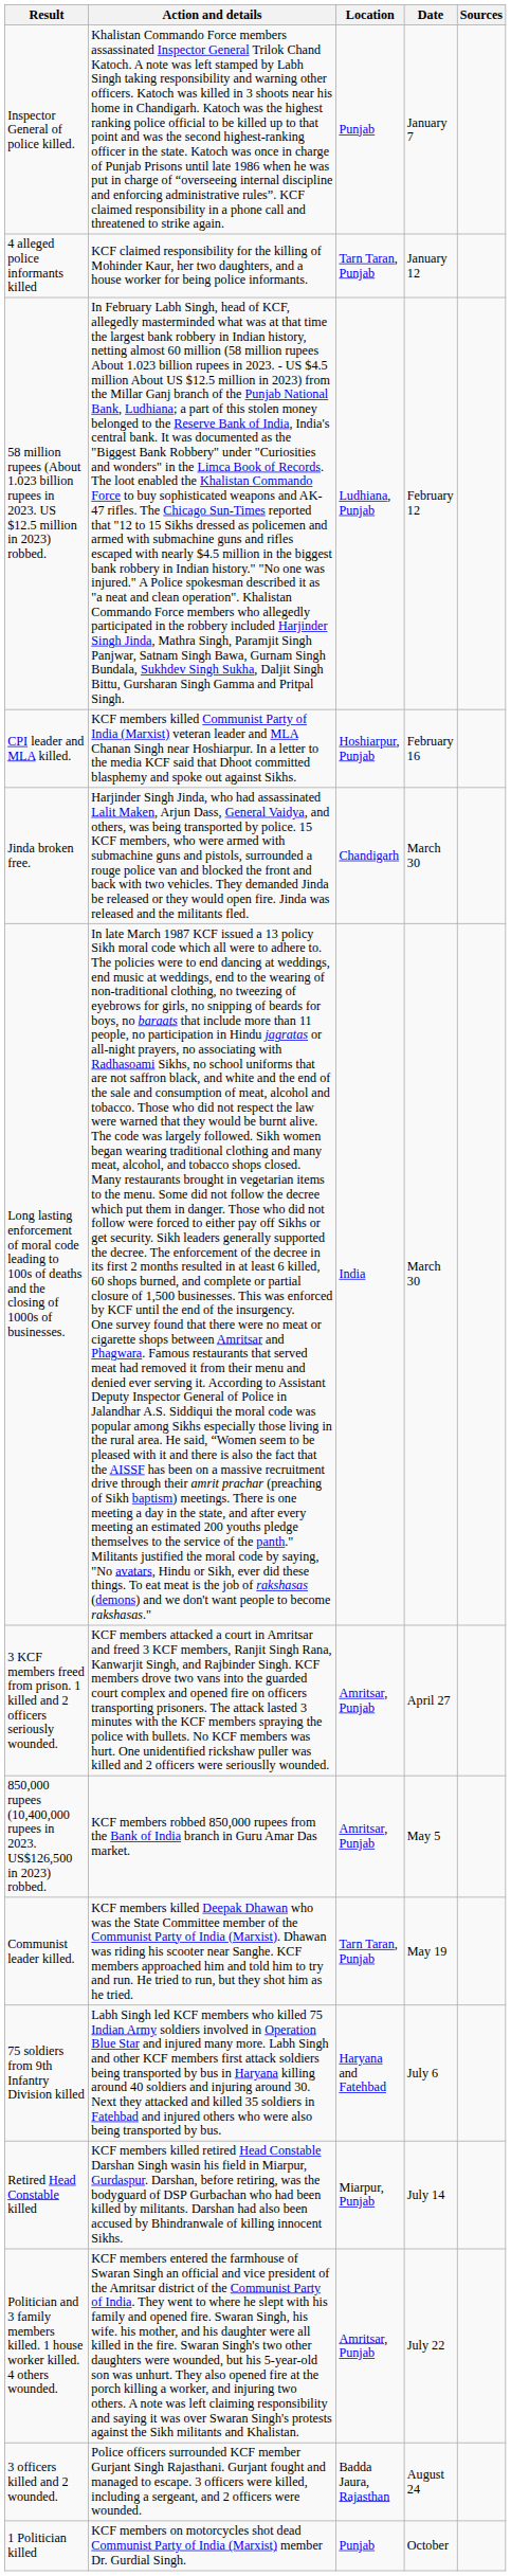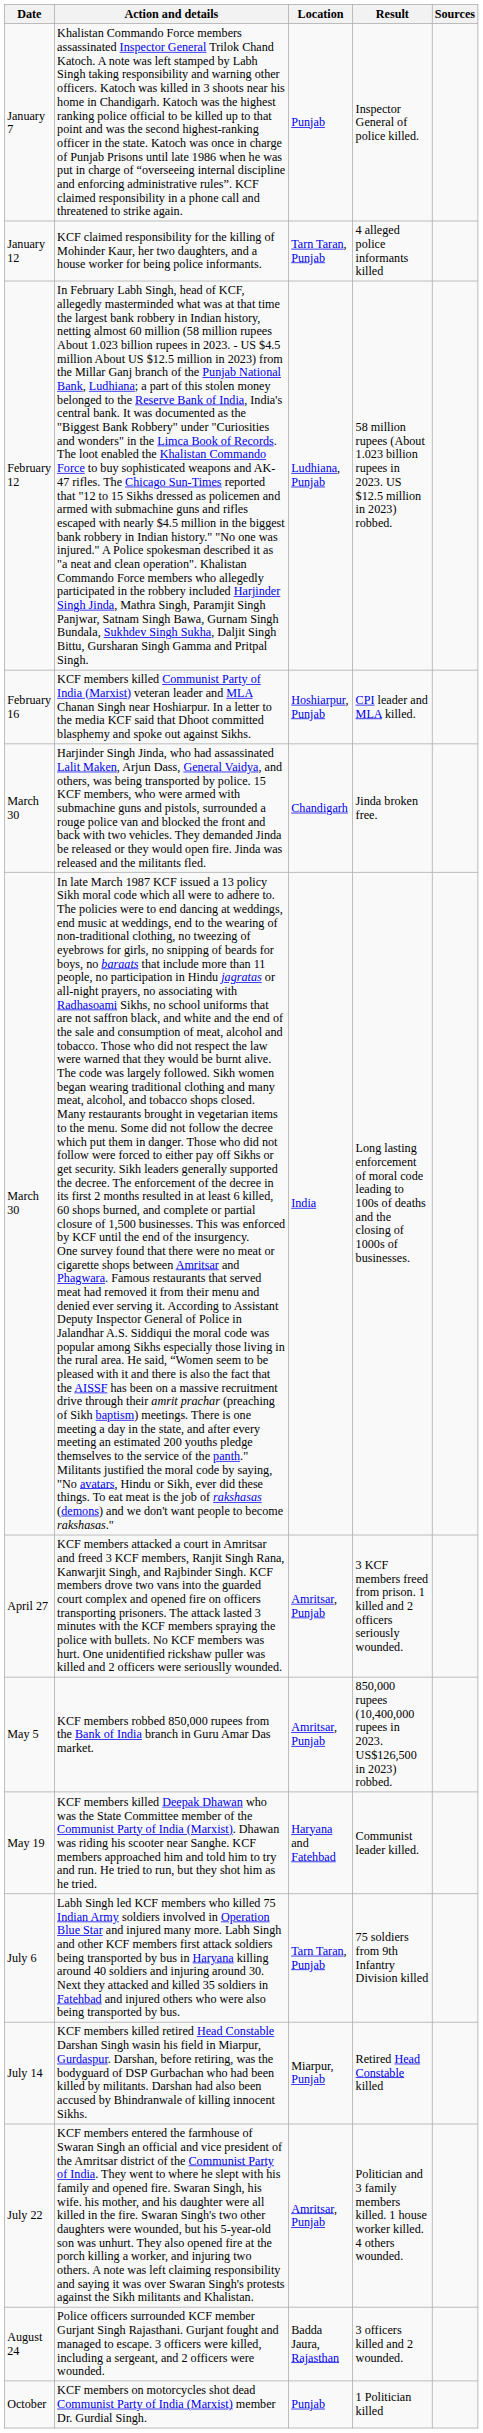 <table class="wikitable" style="width:100%;">
 <tr>
-<th>Result</th>
+<th>Date</th>
 <th>Action and details</th>
 <th>Location</th>
-<th>Date</th>
+<th>Result</th>
 <th>Sources</th>
 </tr>
 <tr>
-<td>Inspector General of police killed.</td>
+<td>January 7</td>
 <td>Khalistan Commando Force members assassinated <a href='#'>Inspector General</a> Trilok Chand Katoch. A note was left stamped by Labh Singh taking responsibility and warning other officers. Katoch was killed in 3 shoots near his home in Chandigarh. Katoch was the highest ranking police official to be killed up to that point and was the second highest-ranking officer in the state. Katoch was once in charge of Punjab Prisons until late 1986 when he was put in charge of “overseeing internal discipline and enforcing administrative rules”. KCF claimed responsibility in a phone call and threatened to strike again.</td>
 <td><a href='#'>Punjab</a></td>
-<td>January 7</td>
+<td>Inspector General of police killed.</td>
 <td></td>
 </tr>
 <tr>
-<td>4 alleged police informants killed</td>
+<td>January 12</td>
 <td>KCF claimed responsibility for the killing of Mohinder Kaur, her two daughters, and a house worker for being police informants.</td>
 <td><a href='#'>Tarn Taran</a>, <a href='#'>Punjab</a></td>
-<td>January 12</td>
+<td>4 alleged police informants killed</td>
 <td></td>
 </tr>
 <tr>
-<td>58 million rupees  (About 1.023 billion rupees in 2023. US $12.5 million in 2023) robbed.</td>
+<td>February 12</td>
 <td>In February Labh Singh, head of KCF, allegedly masterminded what was at that time the largest bank robbery in Indian history, netting almost 60 million (58 million rupees  About 1.023 billion rupees in 2023. - US $4.5 million About US $12.5 million in 2023) from the Millar Ganj branch of the <a href='#'>Punjab National Bank</a>, <a href='#'>Ludhiana</a>; a part of this stolen money belonged to the <a href='#'>Reserve Bank of India</a>, India's central bank. It was documented as the "Biggest Bank Robbery" under "Curiosities and wonders" in the <a href='#'>Limca Book of Records</a>. The loot enabled the <a href='#'>Khalistan Commando Force</a> to buy sophisticated weapons and AK-47 rifles. The <a href='#'>Chicago Sun-Times</a> reported that "12 to 15 Sikhs dressed as policemen and armed with submachine guns and rifles escaped with nearly $4.5 million in the biggest bank robbery in Indian history." "No one was injured." A Police spokesman described it as "a neat and clean operation". Khalistan Commando Force members who allegedly participated in the robbery included <a href='#'>Harjinder Singh Jinda</a>, Mathra Singh, Paramjit Singh Panjwar, Satnam Singh Bawa, Gurnam Singh Bundala, <a href='#'>Sukhdev Singh Sukha</a>, Daljit Singh Bittu, Gursharan Singh Gamma and Pritpal Singh.</td>
 <td><a href='#'>Ludhiana</a>, <a href='#'>Punjab</a></td>
-<td>February 12</td>
+<td>58 million rupees  (About 1.023 billion rupees in 2023. US $12.5 million in 2023) robbed.</td>
 <td></td>
 </tr>
 <tr>
-<td><a href='#'>CPI</a> leader and <a href='#'>MLA</a> killed.</td>
+<td>February 16</td>
 <td>KCF members killed <a href='#'>Communist Party of India (Marxist)</a> veteran leader and <a href='#'>MLA</a> Chanan Singh near Hoshiarpur. In a letter to the media KCF said that Dhoot committed blasphemy and spoke out against Sikhs.</td>
 <td><a href='#'>Hoshiarpur</a>, <a href='#'>Punjab</a></td>
-<td>February 16</td>
+<td><a href='#'>CPI</a> leader and <a href='#'>MLA</a> killed.</td>
 <td></td>
 </tr>
 <tr>
-<td>Jinda broken free.</td>
+<td>March 30</td>
 <td>Harjinder Singh Jinda, who had assassinated <a href='#'>Lalit Maken</a>, Arjun Dass, <a href='#'>General Vaidya</a>, and others, was being transported by police. 15 KCF members, who were armed with submachine guns and pistols, surrounded a rouge police van and blocked the front and back with two vehicles. They demanded Jinda be released or they would open fire. Jinda was released and the militants fled.</td>
 <td><a href='#'>Chandigarh</a></td>
-<td>March 30</td>
+<td>Jinda broken free.</td>
 <td></td>
 </tr>
 <tr>
-<td>Long lasting enforcement of moral code leading to 100s of deaths and the closing of 1000s of businesses.</td>
+<td>March 30</td>
 <td>In late March 1987 KCF issued a 13 policy Sikh moral code which all were to adhere to. The policies were to end dancing at weddings, end music at weddings, end to the wearing of non-traditional clothing, no tweezing of eyebrows for girls, no snipping of beards for boys, no <em><a href='#'>baraats</a></em> that include more than 11 people, no participation in Hindu <em><a href='#'>jagratas</a></em> or all-night prayers, no associating with <a href='#'>Radhasoami</a> Sikhs, no school uniforms that are not saffron black, and white and the end of the sale and consumption of meat, alcohol and tobacco. Those who did not respect the law were warned that they would be burnt alive. The code was largely followed. Sikh women began wearing traditional clothing and many meat, alcohol, and tobacco shops closed. Many restaurants brought in vegetarian items to the menu. Some did not follow the decree which put them in danger. Those who did not follow were forced to either pay off Sikhs or get security. Sikh leaders generally supported the decree. The enforcement of the decree in its first 2 months resulted in at least 6 killed, 60 shops burned, and complete or partial closure of 1,500 businesses. This was enforced by KCF until the end of the insurgency.<br>One survey found that there were no meat or cigarette shops between <a href='#'>Amritsar</a> and <a href='#'>Phagwara</a>. Famous restaurants that served meat had removed it from their menu and denied ever serving it. According to Assistant Deputy Inspector General of Police in Jalandhar A.S. Siddiqui the moral code was popular among Sikhs especially those living in the rural area. He said, “Women seem to be pleased with it and there is also the fact that the <a href='#'>AISSF</a> has been on a massive recruitment drive through their <em>amrit prachar</em> (preaching of Sikh <a href='#'>baptism</a>) meetings. There is one meeting a day in the state, and after every meeting an estimated 200 youths pledge themselves to the service of the <a href='#'>panth</a>." Militants justified the moral code by saying, "No <a href='#'>avatars</a>, Hindu or Sikh, ever did these things. To eat meat is the job of <em><a href='#'>rakshasas</a></em> (<a href='#'>demons</a>) and we don't want people to become <em>rakshasas</em>."</td>
 <td><a href='#'>India</a></td>
-<td>March 30</td>
+<td>Long lasting enforcement of moral code leading to 100s of deaths and the closing of 1000s of businesses.</td>
 <td></td>
 </tr>
 <tr>
-<td>3 KCF members freed from prison. 1 killed and 2 officers seriously wounded.</td>
+<td>April 27</td>
 <td>KCF members attacked a court in Amritsar and freed 3 KCF members, Ranjit Singh Rana, Kanwarjit Singh, and Rajbinder Singh. KCF members drove two vans into the guarded court complex and opened fire on officers transporting prisoners. The attack lasted 3 minutes with the KCF members spraying the police with bullets. No KCF members was hurt. One unidentified rickshaw puller was killed and 2 officers were seriouslly wounded.</td>
 <td><a href='#'>Amritsar</a>, <a href='#'>Punjab</a></td>
-<td>April 27</td>
+<td>3 KCF members freed from prison. 1 killed and 2 officers seriously wounded.</td>
 <td></td>
 </tr>
 <tr>
-<td>850,000 rupees (10,400,000 rupees in 2023. US$126,500 in 2023) robbed.</td>
+<td>May 5</td>
 <td>KCF members robbed 850,000 rupees from the <a href='#'>Bank of India</a> branch in Guru Amar Das market.</td>
 <td><a href='#'>Amritsar</a>, <a href='#'>Punjab</a></td>
-<td>May 5</td>
+<td>850,000 rupees (10,400,000 rupees in 2023. US$126,500 in 2023) robbed.</td>
 <td></td>
 </tr>
 <tr>
+<td>May 19</td>
+<td>KCF members killed <a href='#'>Deepak Dhawan</a> who was the State Committee member of the <a href='#'>Communist Party of India (Marxist)</a>. Dhawan was riding his scooter near Sanghe. KCF members approached him and told him to try and run. He tried to run, but they shot him as he tried.</td>
+<td><a href='#'>Haryana</a> and <a href='#'>Fatehbad</a></td>
 <td>Communist leader killed.</td>
-<td>KCF members killed <a href='#'>Deepak Dhawan</a> who was the State Committee member of the <a href='#'>Communist Party of India (Marxist)</a>. Dhawan was riding his scooter near Sanghe. KCF members approached him and told him to try and run. He tried to run, but they shot him as he tried.</td>
-<td><a href='#'>Tarn Taran</a>, <a href='#'>Punjab</a></td>
-<td>May 19</td>
 <td></td>
 </tr>
 <tr>
+<td>July 6</td>
+<td>Labh Singh led KCF members who killed 75 <a href='#'>Indian Army</a> soldiers involved in <a href='#'>Operation Blue Star</a> and injured many more. Labh Singh and other KCF members first attack soldiers being transported by bus in <a href='#'>Haryana</a> killing around 40 soldiers and injuring around 30. Next they attacked and killed 35 soldiers in <a href='#'>Fatehbad</a> and injured others who were also being transported by bus.</td>
+<td><a href='#'>Tarn Taran</a>, <a href='#'>Punjab</a></td>
 <td>75 soldiers from 9th Infantry Division killed</td>
-<td>Labh Singh led KCF members who killed 75 <a href='#'>Indian Army</a> soldiers involved in <a href='#'>Operation Blue Star</a> and injured many more. Labh Singh and other KCF members first attack soldiers being transported by bus in <a href='#'>Haryana</a> killing around 40 soldiers and injuring around 30. Next they attacked and killed 35 soldiers in <a href='#'>Fatehbad</a> and injured others who were also being transported by bus.</td>
-<td><a href='#'>Haryana</a> and <a href='#'>Fatehbad</a></td>
-<td>July 6</td>
 <td></td>
 </tr>
 <tr>
-<td>Retired <a href='#'>Head Constable</a> killed</td>
+<td>July 14</td>
 <td>KCF members killed retired <a href='#'>Head Constable</a> Darshan Singh wasin his field in Miarpur, <a href='#'>Gurdaspur</a>. Darshan, before retiring, was the bodyguard of DSP Gurbachan who had been killed by militants. Darshan had also been accused by Bhindranwale of killing innocent Sikhs.</td>
 <td>Miarpur, <a href='#'>Punjab</a></td>
-<td>July 14</td>
+<td>Retired <a href='#'>Head Constable</a> killed</td>
 <td></td>
 </tr>
 <tr>
-<td>Politician and 3 family members killed. 1 house worker killed. 4 others wounded.</td>
+<td>July 22</td>
 <td>KCF members entered the farmhouse of Swaran Singh an official and vice president of the Amritsar district of the <a href='#'>Communist Party of India</a>. They went to where he slept with his family and opened fire. Swaran Singh, his wife. his mother, and his daughter were all killed in the fire. Swaran Singh's two other daughters were wounded, but his 5-year-old son was unhurt. They also opened fire at the porch killing a worker, and injuring two others. A note was left claiming responsibility and saying it was over Swaran Singh's protests against the Sikh militants and Khalistan.</td>
 <td><a href='#'>Amritsar</a>, <a href='#'>Punjab</a></td>
-<td>July 22</td>
+<td>Politician and 3 family members killed. 1 house worker killed. 4 others wounded.</td>
 <td></td>
 </tr>
 <tr>
-<td>3 officers killed and 2 wounded.</td>
+<td>August 24</td>
 <td>Police officers surrounded KCF member Gurjant Singh Rajasthani. Gurjant fought and managed to escape. 3 officers were killed, including a sergeant, and 2 officers were wounded.</td>
 <td>Badda Jaura, <a href='#'>Rajasthan</a></td>
-<td>August 24</td>
+<td>3 officers killed and 2 wounded.</td>
 <td></td>
 </tr>
 <tr>
-<td>1 Politician killed</td>
+<td>October</td>
 <td>KCF members on motorcycles shot dead <a href='#'>Communist Party of India (Marxist)</a> member Dr. Gurdial Singh.</td>
 <td><a href='#'>Punjab</a></td>
-<td>October</td>
+<td>1 Politician killed</td>
 <td></td>
 </tr>
 </table>
